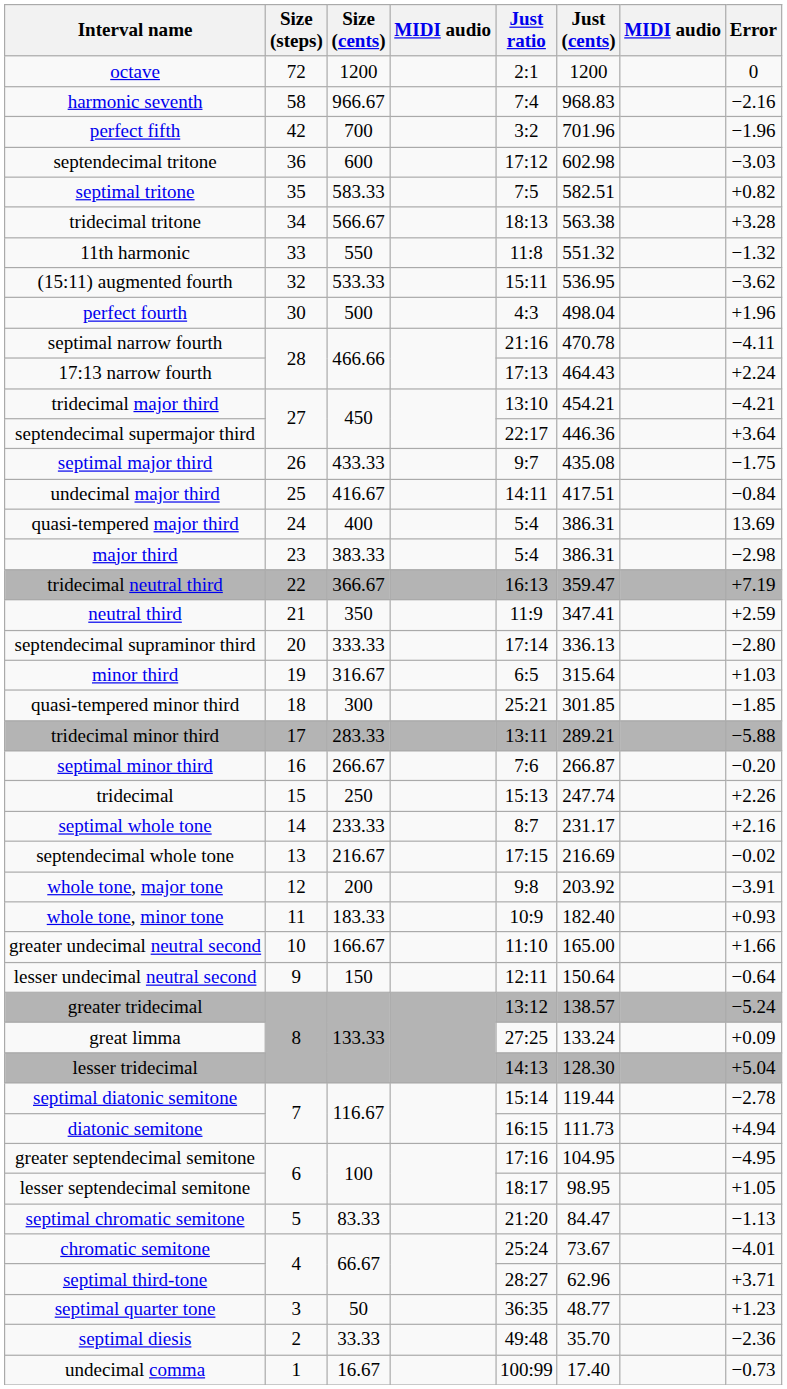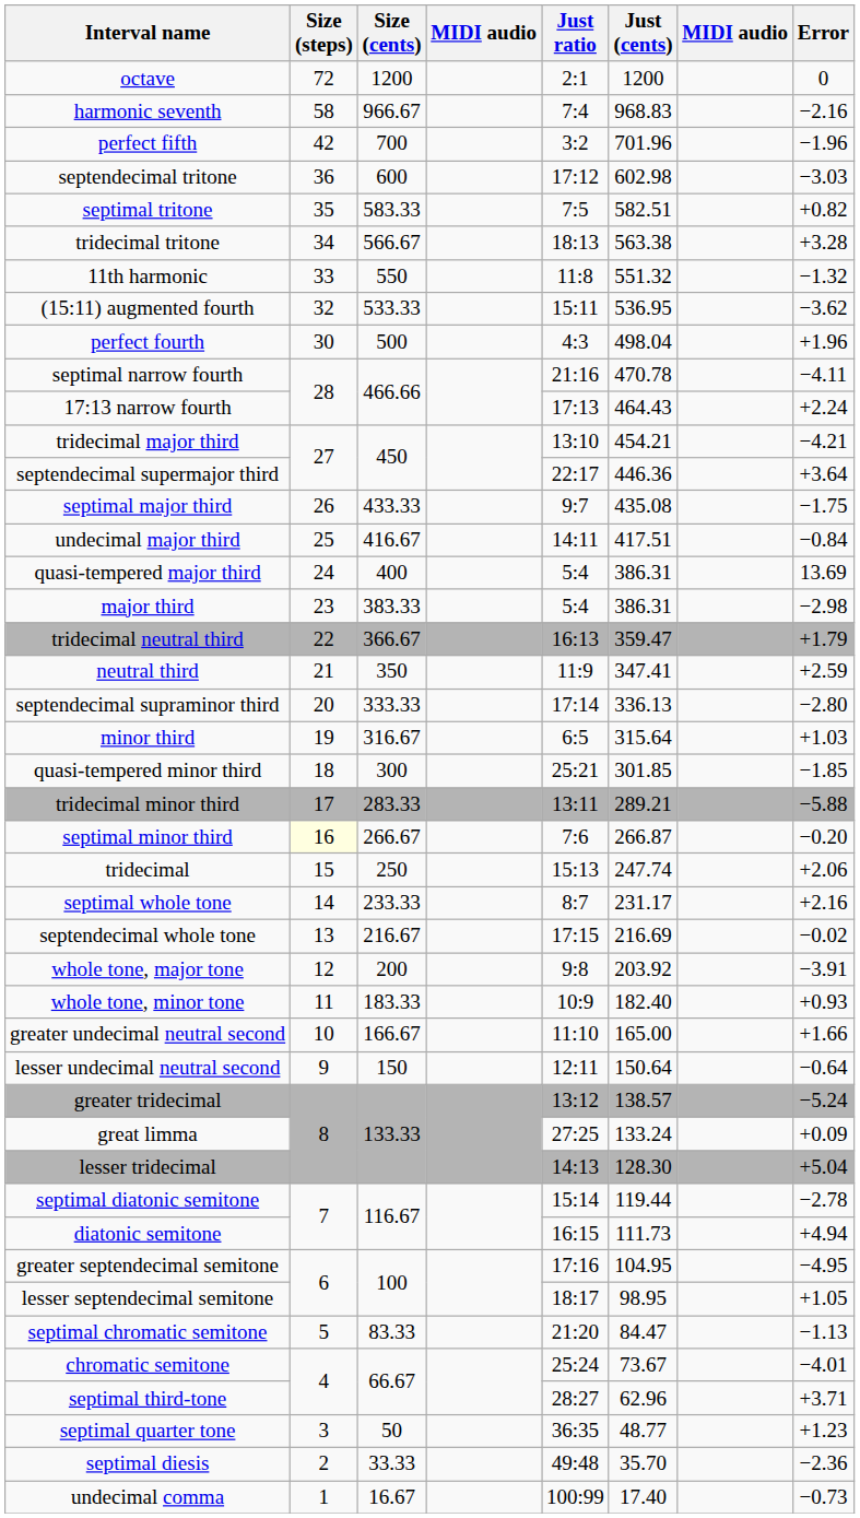 <table class="wikitable sortable">
 <tr>
 <th align=center>Interval name</th>
 <th align=center>Size <br>(steps)</th>
 <th align=center>Size <br>(<a href='#'>cents</a>)</th>
 <th align=center><a href='#'>MIDI</a> audio</th>
 <th align=center><a href='#'>Just <br>ratio</a></th>
 <th align=center>Just <br>(<a href='#'>cents</a>)</th>
 <th align=center><a href='#'>MIDI</a> audio</th>
 <th align=center>Error</th>
 </tr>
 <tr>
 <td align=center><a href='#'>octave</a></td>
 <td align=center>72</td>
 <td align=center>1200</td>
 <td align=center></td>
 <td align=center>2:1</td>
 <td align=center>1200</td>
 <td align=center></td>
 <td align=center>0</td>
 </tr>
 <tr>
 <td align=center><a href='#'>harmonic seventh</a></td>
 <td align=center>58</td>
 <td align=center>966.67</td>
 <td align=center></td>
 <td align=center>7:4</td>
 <td align=center>968.83</td>
 <td align=center></td>
 <td align=center>−2.16</td>
 </tr>
 <tr>
 <td align=center><a href='#'>perfect fifth</a></td>
 <td align=center>42</td>
 <td align=center>700</td>
 <td align=center></td>
 <td align=center>3:2</td>
 <td align=center>701.96</td>
 <td align=center></td>
 <td align=center>−1.96</td>
 </tr>
 <tr>
 <td align=center>septendecimal tritone</td>
 <td align=center>36</td>
 <td align=center>600</td>
 <td align=center></td>
 <td align=center>17:12</td>
 <td align=center>602.98</td>
 <td align=center></td>
 <td align=center>−3.03</td>
 </tr>
 <tr>
 <td align=center><a href='#'>septimal tritone</a></td>
 <td align=center>35</td>
 <td align=center>583.33</td>
 <td align=center></td>
 <td align=center>7:5</td>
 <td align=center>582.51</td>
 <td align=center></td>
 <td align=center>+0.82</td>
 </tr>
 <tr>
 <td align=center>tridecimal tritone</td>
 <td align=center>34</td>
 <td align=center>566.67</td>
 <td align=center></td>
 <td align=center>18:13</td>
 <td align=center>563.38</td>
 <td align=center></td>
 <td align=center>+3.28</td>
 </tr>
 <tr>
 <td align=center>11th harmonic</td>
 <td align=center>33</td>
 <td align=center>550</td>
 <td align=center></td>
 <td align=center>11:8</td>
 <td align=center>551.32</td>
 <td align=center></td>
 <td align=center>−1.32</td>
 </tr>
 <tr>
 <td align=center>(15:11) augmented fourth</td>
 <td align=center>32</td>
 <td align=center>533.33</td>
 <td align=center></td>
 <td align=center>15:11</td>
 <td align=center>536.95</td>
 <td align=center></td>
 <td align=center>−3.62</td>
 </tr>
 <tr>
 <td align=center><a href='#'>perfect fourth</a></td>
 <td align=center>30</td>
 <td align=center>500</td>
 <td align=center></td>
 <td align=center>4:3</td>
 <td align=center>498.04</td>
 <td align=center></td>
 <td align=center>+1.96</td>
 </tr>
 <tr>
 <td align=center>septimal narrow fourth</td>
 <td rowspan=2 align=center>28</td>
 <td rowspan=2 align=center>466.66</td>
 <td rowspan=2 align=center></td>
 <td align=center>21:16</td>
 <td align=center>470.78</td>
 <td align=center></td>
 <td align=center>−4.11</td>
 </tr>
 <tr>
 <td align=center>17:13 narrow fourth<br>  </td>
 <td align=center>17:13</td>
 <td align=center>464.43</td>
 <td align=center></td>
 <td align=center>+2.24</td>
 </tr>
 <tr>
 <td align=center>tridecimal <a href='#'>major third</a></td>
 <td rowspan=2 align=center>27</td>
 <td rowspan=2 align=center>450</td>
 <td rowspan=2 align=center></td>
 <td align=center>13:10</td>
 <td align=center>454.21</td>
 <td align=center></td>
 <td align=center>−4.21</td>
 </tr>
 <tr>
 <td align=center>septendecimal supermajor third<br>  </td>
 <td align=center>22:17</td>
 <td align=center>446.36</td>
 <td align=center></td>
 <td align=center>+3.64</td>
 </tr>
 <tr>
 <td align=center><a href='#'>septimal major third</a></td>
 <td align=center>26</td>
 <td align=center>433.33</td>
 <td align=center></td>
 <td align=center>9:7</td>
 <td align=center>435.08</td>
 <td align=center></td>
 <td align=center>−1.75</td>
 </tr>
 <tr>
 <td align=center>undecimal <a href='#'>major third</a></td>
 <td align=center>25</td>
 <td align=center>416.67</td>
 <td align=center></td>
 <td align=center>14:11</td>
 <td align=center>417.51</td>
 <td align=center></td>
 <td align=center>−0.84</td>
 </tr>
 <tr>
 <td align=center>quasi-tempered <a href='#'>major third</a></td>
 <td align=center>24</td>
 <td align=center>400</td>
 <td align=center></td>
 <td align=center>5:4</td>
 <td align=center>386.31</td>
 <td align=center></td>
 <td align=center>13.69</td>
 </tr>
 <tr>
 <td align=center><a href='#'>major third</a></td>
 <td align=center>23</td>
 <td align=center>383.33</td>
 <td align=center></td>
 <td align=center>5:4</td>
 <td align=center>386.31</td>
 <td align=center></td>
 <td align=center>−2.98</td>
 </tr>
 <tr>
 <td align=center bgcolor="#B4B4B4">tridecimal <a href='#'>neutral third</a></td>
 <td align=center bgcolor="#B4B4B4">22</td>
 <td align=center bgcolor="#B4B4B4">366.67</td>
 <td align=center bgcolor="#B4B4B4"></td>
 <td align=center bgcolor="#B4B4B4">16:13</td>
 <td align=center bgcolor="#B4B4B4">359.47</td>
 <td align=center bgcolor="#B4B4B4"></td>
-<td align=center bgcolor="#B4B4B4">+7.19</td>
+<td align=center bgcolor="#B4B4B4">+1.79</td>
 </tr>
 <tr>
 <td align=center><a href='#'>neutral third</a></td>
 <td align=center>21</td>
 <td align=center>350</td>
 <td align=center></td>
 <td align=center>11:9</td>
 <td align=center>347.41</td>
 <td align=center></td>
 <td align=center>+2.59</td>
 </tr>
 <tr>
 <td align=center>septendecimal supraminor third</td>
 <td align=center>20</td>
 <td align=center>333.33</td>
 <td align=center></td>
 <td align=center>17:14</td>
 <td align=center>336.13</td>
 <td align=center></td>
 <td align=center>−2.80</td>
 </tr>
 <tr>
 <td align=center><a href='#'>minor third</a></td>
 <td align=center>19</td>
 <td align=center>316.67</td>
 <td align=center></td>
 <td align=center>6:5</td>
 <td align=center>315.64</td>
 <td align=center></td>
 <td align=center>+1.03</td>
 </tr>
 <tr>
 <td align=center>quasi-tempered minor third</td>
 <td align=center>18</td>
 <td align=center>300</td>
 <td align=center></td>
 <td align=center>25:21</td>
 <td align=center>301.85</td>
 <td align=center></td>
 <td align=center>−1.85</td>
 </tr>
 <tr>
 <td align=center bgcolor="#B4B4B4">tridecimal minor third</td>
 <td align=center bgcolor="#B4B4B4">17</td>
 <td align=center bgcolor="#B4B4B4">283.33</td>
 <td align=center bgcolor="#B4B4B4"></td>
 <td align=center bgcolor="#B4B4B4">13:11</td>
 <td align=center bgcolor="#B4B4B4">289.21</td>
 <td align=center bgcolor="#B4B4B4"></td>
 <td align=center bgcolor="#B4B4B4">−5.88</td>
 </tr>
 <tr>
 <td align=center><a href='#'>septimal minor third</a></td>
-<td align=center>16</td>
+<td align=center style="background: lightyellow;">16</td>
 <td align=center>266.67</td>
 <td align=center></td>
 <td align=center>7:6</td>
 <td align=center>266.87</td>
 <td align=center></td>
 <td align=center>−0.20</td>
 </tr>
 <tr>
 <td align=center>tridecimal </td>
 <td align=center>15</td>
 <td align=center>250</td>
 <td align=center></td>
 <td align=center>15:13</td>
 <td align=center>247.74</td>
 <td align=center></td>
-<td align=center>+2.26</td>
+<td align=center>+2.06</td>
 </tr>
 <tr>
 <td align=center><a href='#'>septimal whole tone</a></td>
 <td align=center>14</td>
 <td align=center>233.33</td>
 <td align=center></td>
 <td align=center>8:7</td>
 <td align=center>231.17</td>
 <td align=center></td>
 <td align=center>+2.16</td>
 </tr>
 <tr>
 <td align=center>septendecimal whole tone</td>
 <td align=center>13</td>
 <td align=center>216.67</td>
 <td align=center></td>
 <td align=center>17:15</td>
 <td align=center>216.69</td>
 <td align=center></td>
 <td align=center>−0.02</td>
 </tr>
 <tr>
 <td align=center><a href='#'>whole tone</a>, <a href='#'>major tone</a></td>
 <td align=center>12</td>
 <td align=center>200</td>
 <td align=center></td>
 <td align=center>9:8</td>
 <td align=center>203.92</td>
 <td align=center></td>
 <td align=center>−3.91</td>
 </tr>
 <tr>
 <td align=center><a href='#'>whole tone</a>, <a href='#'>minor tone</a></td>
 <td align=center>11</td>
 <td align=center>183.33</td>
 <td align=center></td>
 <td align=center>10:9</td>
 <td align=center>182.40</td>
 <td align=center></td>
 <td align=center>+0.93</td>
 </tr>
 <tr>
 <td align=center>greater undecimal <a href='#'>neutral second</a></td>
 <td align=center>10</td>
 <td align=center>166.67</td>
 <td align=center></td>
 <td align=center>11:10</td>
 <td align=center>165.00</td>
 <td align=center></td>
 <td align=center>+1.66</td>
 </tr>
 <tr>
 <td align=center>lesser undecimal <a href='#'>neutral second</a></td>
 <td align=center>9</td>
 <td align=center>150</td>
 <td align=center></td>
 <td align=center>12:11</td>
 <td align=center>150.64</td>
 <td align=center></td>
 <td align=center>−0.64</td>
 </tr>
 <tr>
 <td align=center bgcolor="#B4B4B4">greater tridecimal </td>
 <td rowspan=3 align=center bgcolor="#B4B4B4">8</td>
 <td rowspan=3 align=center bgcolor="#B4B4B4">133.33</td>
 <td rowspan=3 align=center bgcolor="#B4B4B4"></td>
 <td align=center bgcolor="#B4B4B4">13:12</td>
 <td align=center bgcolor="#B4B4B4">138.57</td>
 <td align=center bgcolor="#B4B4B4"></td>
 <td align=center bgcolor="#B4B4B4">−5.24</td>
 </tr>
 <tr>
 <td align=center>great limma<br>  </td>
 <td align=center>27:25</td>
 <td align=center>133.24</td>
 <td align=center></td>
 <td align=center>+0.09</td>
 </tr>
 <tr>
 <td align=center bgcolor="#B4B4B4">lesser tridecimal <br>  </td>
 <td align=center bgcolor="#B4B4B4">14:13</td>
 <td align=center bgcolor="#B4B4B4">128.30</td>
 <td align=center bgcolor="#B4B4B4"></td>
 <td align=center bgcolor="#B4B4B4">+5.04</td>
 </tr>
 <tr>
 <td align=center><a href='#'>septimal diatonic semitone</a></td>
 <td rowspan=2 align=center>7</td>
 <td rowspan=2 align=center>116.67</td>
 <td rowspan=2 align=center></td>
 <td align=center>15:14</td>
 <td align=center>119.44</td>
 <td align=center></td>
 <td align=center>−2.78</td>
 </tr>
 <tr>
 <td align=center><a href='#'>diatonic semitone</a><br>  </td>
 <td align=center>16:15</td>
 <td align=center>111.73</td>
 <td align=center></td>
 <td align=center>+4.94</td>
 </tr>
 <tr>
 <td align=center>greater septendecimal semitone</td>
 <td rowspan=2 align=center>6</td>
 <td rowspan=2 align=center>100</td>
 <td rowspan=2 align=center></td>
 <td align=center>17:16</td>
 <td align=center>104.95</td>
 <td align=center></td>
 <td align=center>−4.95</td>
 </tr>
 <tr>
 <td align=center>lesser septendecimal semitone<br>  </td>
 <td align=center>18:17</td>
 <td align=center>98.95</td>
 <td align=center></td>
 <td align=center>+1.05</td>
 </tr>
 <tr>
 <td align=center><a href='#'>septimal chromatic semitone</a></td>
 <td align=center>5</td>
 <td align=center>83.33</td>
 <td align=center></td>
 <td align=center>21:20</td>
 <td align=center>84.47</td>
 <td align=center></td>
 <td align=center>−1.13</td>
 </tr>
 <tr>
 <td align=center><a href='#'>chromatic semitone</a></td>
 <td rowspan=2 align=center>4</td>
 <td rowspan=2 align=center>66.67</td>
 <td rowspan=2 align=center></td>
 <td align=center>25:24</td>
 <td align=center>73.67</td>
 <td align=center></td>
 <td align=center>−4.01</td>
 </tr>
 <tr>
 <td align=center><a href='#'>septimal third-tone</a><br>  </td>
 <td align=center>28:27</td>
 <td align=center>62.96</td>
 <td align=center></td>
 <td align=center>+3.71</td>
 </tr>
 <tr>
 <td align=center><a href='#'>septimal quarter tone</a></td>
 <td align=center>3</td>
 <td align=center>50</td>
 <td align=center></td>
 <td align=center>36:35</td>
 <td align=center>48.77</td>
 <td align=center></td>
 <td align=center>+1.23</td>
 </tr>
 <tr>
 <td align=center><a href='#'>septimal diesis</a></td>
 <td align=center>2</td>
 <td align=center>33.33</td>
 <td align=center></td>
 <td align=center>49:48</td>
 <td align=center>35.70</td>
 <td align=center></td>
 <td align=center>−2.36</td>
 </tr>
 <tr>
 <td align=center>undecimal <a href='#'>comma</a></td>
 <td align=center>1</td>
 <td align=center>16.67</td>
 <td align=center></td>
 <td align=center>100:99</td>
 <td align=center>17.40</td>
 <td align=center></td>
 <td align=center>−0.73</td>
 </tr>
 </table>
